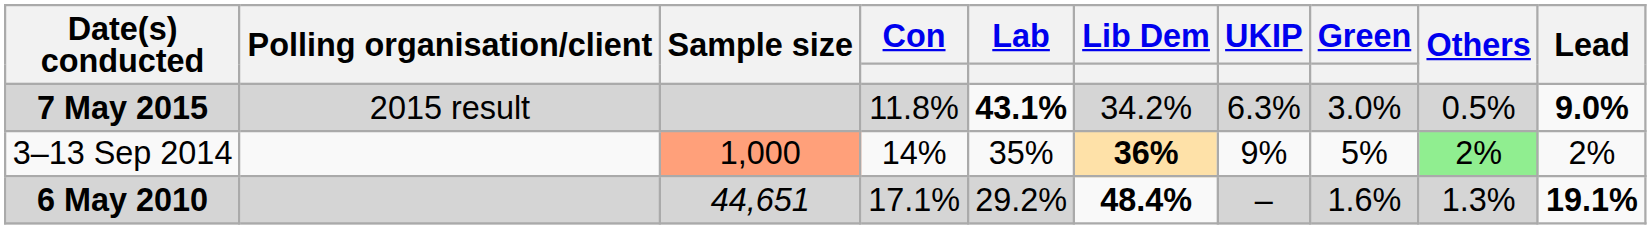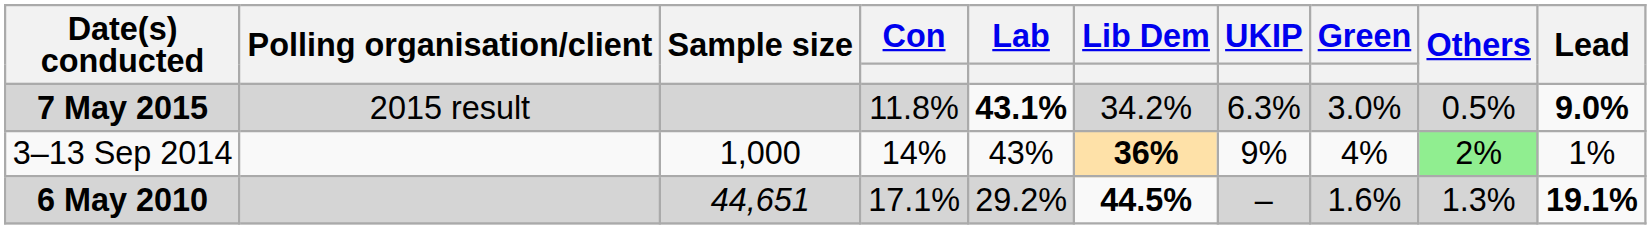 <table class="wikitable sortable" style="text-align:center;font-size:90%;line-height:14px">
 <tr>
 <th rowspan="2">Date(s)<br>conducted</th>
 <th rowspan="2">Polling organisation/client</th>
 <th rowspan="2">Sample size</th>
 <th><a href='#'>Con</a></th>
 <th><a href='#'>Lab</a></th>
 <th><a href='#'>Lib Dem</a></th>
 <th><a href='#'>UKIP</a></th>
 <th><a href='#'>Green</a></th>
 <th rowspan="2" class="unsortable"><a href='#'>Others</a></th>
 <th rowspan="2" class="unsortable">Lead</th>
 </tr>
 <tr>
 <th class="unsortable" style="background:"></th>
 <th class="unsortable" style="background:"></th>
 <th class="unsortable" style="background:"></th>
 <th class="unsortable" style="background:"></th>
 <th class="unsortable" style="background:"></th>
 </tr>
 <tr>
 <td style="background:#D5D5D5"><strong>7 May 2015</strong></td>
 <td style="background:#D5D5D5">2015 result</td>
 <td style="background:#D5D5D5"></td>
 <td style="background:#D5D5D5">11.8%</td>
 <td style="background:"><strong>43.1%</strong></td>
 <td style="background:#D5D5D5">34.2%</td>
 <td style="background:#D5D5D5">6.3%</td>
 <td style="background:#D5D5D5">3.0%</td>
 <td style="background:#D5D5D5">0.5%</td>
 <td style="background:"><strong>9.0% </strong></td>
 </tr>
 <tr>
 <td>3–13 Sep 2014</td>
 <td></td>
-<td style="background: lightsalmon;">1,000</td>
+<td>1,000</td>
 <td>14%</td>
-<td>35%</td>
+<td>43%</td>
 <td style="background:#FEE1A8"><strong>36%</strong></td>
 <td>9%</td>
-<td>5%</td>
+<td>4%</td>
 <td style="background: lightgreen;">2%</td>
-<td style="background:">2%</td>
+<td style="background:">1%</td>
 </tr>
 <tr>
 <td style="background:#D5D5D5"><strong>6 May 2010</strong></td>
 <td style="background:#D5D5D5"></td>
 <td style="background:#D5D5D5"><em>44,651</em></td>
 <td style="background:#D5D5D5">17.1%</td>
 <td style="background:#D5D5D5">29.2%</td>
-<td style="background:"><strong>48.4%</strong></td>
+<td style="background:"><strong>44.5%</strong></td>
 <td style="background:#D5D5D5">–</td>
 <td style="background:#D5D5D5">1.6%</td>
 <td style="background:#D5D5D5">1.3%</td>
 <td style="background:"><strong>19.1% </strong></td>
 </tr>
 </table>
